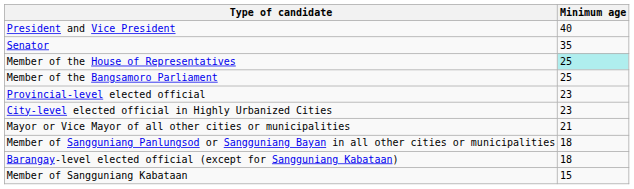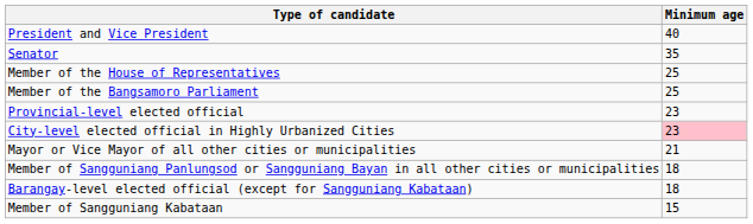 <table class="wikitable sortable">
 <tr>
 <th>Type of candidate</th>
 <th>Minimum age</th>
 </tr>
 <tr>
 <td><a href='#'>President</a> and <a href='#'>Vice President</a></td>
 <td>40</td>
 </tr>
 <tr>
 <td><a href='#'>Senator</a></td>
 <td>35</td>
 </tr>
 <tr>
 <td>Member of the <a href='#'>House of Representatives</a></td>
-<td style="background: paleturquoise;">25</td>
+<td>25</td>
 </tr>
 <tr>
 <td>Member of the <a href='#'>Bangsamoro Parliament</a></td>
 <td>25</td>
 </tr>
 <tr>
 <td><a href='#'>Provincial-level</a> elected official</td>
 <td>23</td>
 </tr>
 <tr>
 <td><a href='#'>City-level</a> elected official in Highly Urbanized Cities</td>
-<td>23</td>
+<td style="background: pink;">23</td>
 </tr>
 <tr>
 <td>Mayor or Vice Mayor of all other cities or municipalities</td>
 <td>21</td>
 </tr>
 <tr>
 <td>Member of <a href='#'>Sangguniang Panlungsod</a> or <a href='#'>Sangguniang Bayan</a> in all other cities or municipalities</td>
 <td>18</td>
 </tr>
 <tr>
 <td><a href='#'>Barangay</a>-level elected official (except for <a href='#'>Sangguniang Kabataan</a>)</td>
 <td>18</td>
 </tr>
 <tr>
 <td>Member of Sangguniang Kabataan</td>
 <td>15</td>
 </tr>
 </table>
